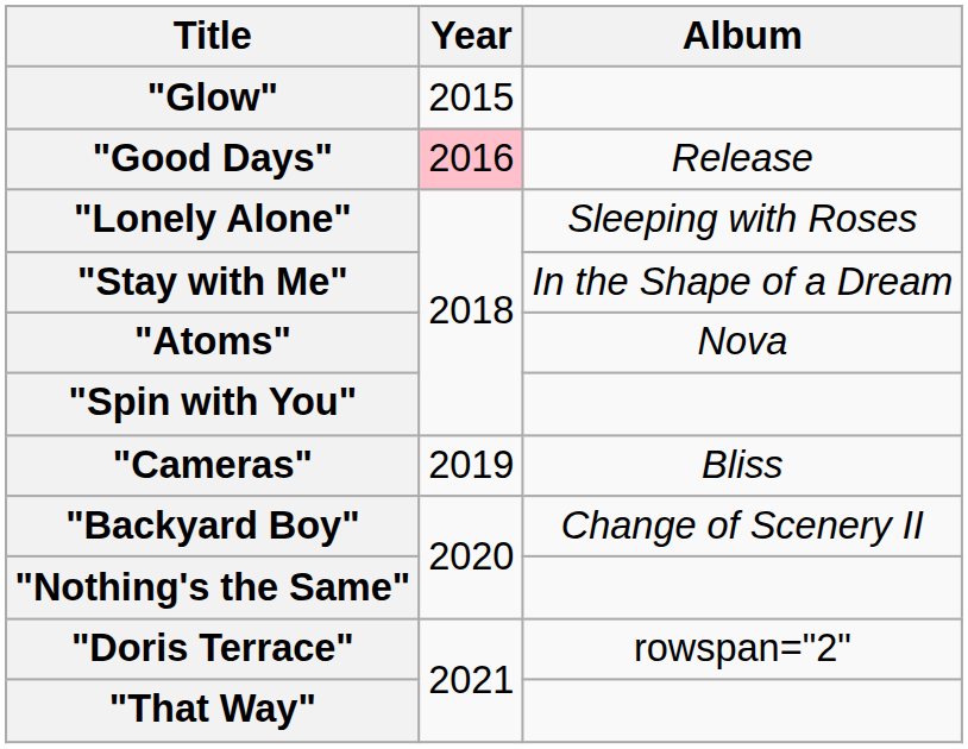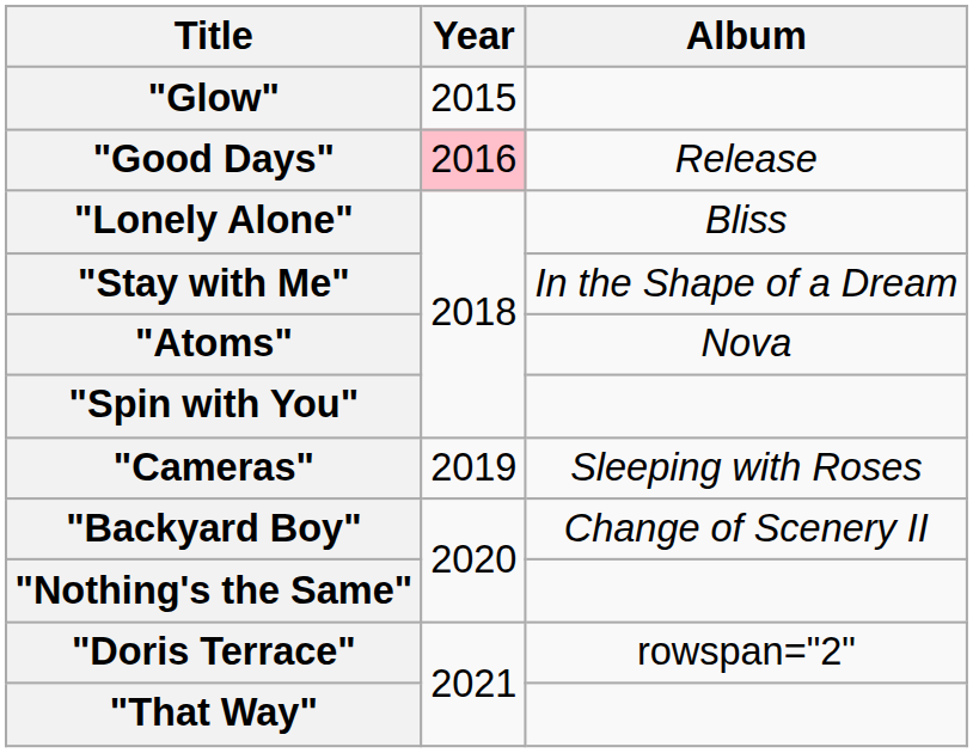 <table class="wikitable plainrowheaders" style="text-align:center;">
 <tr>
 <th scope="col">Title</th>
 <th scope="col">Year</th>
 <th scope="col">Album</th>
 </tr>
 <tr>
 <th scope="row">"Glow"<br></th>
 <td>2015</td>
 <td></td>
 </tr>
 <tr>
 <th scope="row">"Good Days"<br></th>
 <td style="background: pink;">2016</td>
 <td><em>Release</em></td>
 </tr>
 <tr>
 <th scope="row">"Lonely Alone"<br></th>
 <td rowspan="4">2018</td>
-<td><em>Sleeping with Roses</em></td>
+<td><em>Bliss</em></td>
 </tr>
 <tr>
 <th scope="row">"Stay with Me"<br></th>
 <td><em>In the Shape of a Dream</em></td>
 </tr>
 <tr>
 <th scope="row">"Atoms"<br></th>
 <td><em>Nova</em></td>
 </tr>
 <tr>
 <th scope="row">"Spin with You"<br></th>
 <td></td>
 </tr>
 <tr>
 <th scope="row">"Cameras"<br></th>
 <td>2019</td>
-<td><em>Bliss</em></td>
+<td><em>Sleeping with Roses</em></td>
 </tr>
 <tr>
 <th scope="row">"Backyard Boy"<br></th>
 <td rowspan="2">2020</td>
 <td><em>Change of Scenery II</em></td>
 </tr>
 <tr>
 <th scope="row">"Nothing's the Same"<br></th>
 </tr>
 <tr>
 <th scope="row">"Doris Terrace"<br></th>
 <td rowspan="2">2021</td>
 <td>rowspan="2" </td>
 </tr>
 <tr>
 <th scope="row">"That Way"<br></th>
 <td></td>
 </tr>
 </table>
